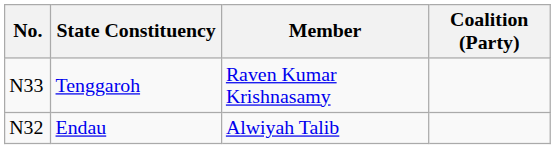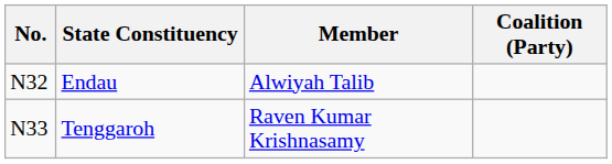 <table class="wikitable sortable">
 <tr>
 <th width="30">No.</th>
 <th width="130">State Constituency</th>
 <th width="160">Member</th>
 <th width="90">Coalition (Party)</th>
 </tr>
 <tr>
+<td>N32</td>
+<td><a href='#'>Endau</a></td>
+<td><a href='#'>Alwiyah Talib</a></td>
+<td></td>
+</tr>
+<tr>
 <td>N33</td>
 <td><a href='#'>Tenggaroh</a></td>
 <td><a href='#'>Raven Kumar Krishnasamy</a></td>
 <td></td>
 </tr>
-<tr>
-<td>N32</td>
-<td><a href='#'>Endau</a></td>
-<td><a href='#'>Alwiyah Talib</a></td>
-<td></td>
-</tr>
 </table>
